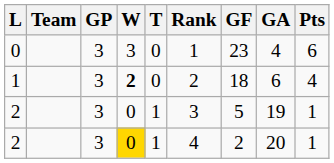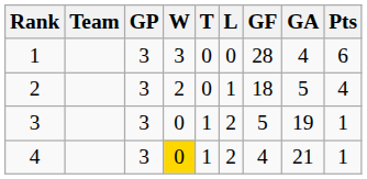 <table class="wikitable" style="text-align:center">
 <tr>
-<th>L</th>
+<th>Rank</th>
 <th>Team</th>
 <th>GP</th>
 <th>W</th>
 <th>T</th>
-<th>Rank</th>
+<th>L</th>
 <th>GF</th>
 <th>GA</th>
 <th>Pts</th>
 </tr>
 <tr>
-<td>0</td>
+<td>1</td>
 <td align="left"></td>
 <td>3</td>
 <td>3</td>
 <td>0</td>
-<td>1</td>
-<td>23</td>
+<td>0</td>
+<td>28</td>
 <td>4</td>
 <td>6</td>
-</tr>
-<tr>
-<td>1</td>
-<td align="left"></td>
-<td>3</td>
-<td><strong>2</strong></td>
-<td>0</td>
-<td>2</td>
-<td>18</td>
-<td>6</td>
-<td>4</td>
 </tr>
 <tr>
 <td>2</td>
 <td align="left"></td>
 <td>3</td>
+<td>2</td>
 <td>0</td>
 <td>1</td>
+<td>18</td>
+<td>5</td>
+<td>4</td>
+</tr>
+<tr>
 <td>3</td>
+<td align="left"></td>
+<td>3</td>
+<td>0</td>
+<td>1</td>
+<td>2</td>
 <td>5</td>
 <td>19</td>
 <td>1</td>
 </tr>
 <tr>
-<td>2</td>
+<td>4</td>
 <td align="left"></td>
 <td>3</td>
 <td style="background: gold;">0</td>
 <td>1</td>
+<td>2</td>
 <td>4</td>
-<td>2</td>
-<td>20</td>
+<td>21</td>
 <td>1</td>
 </tr>
 </table>
